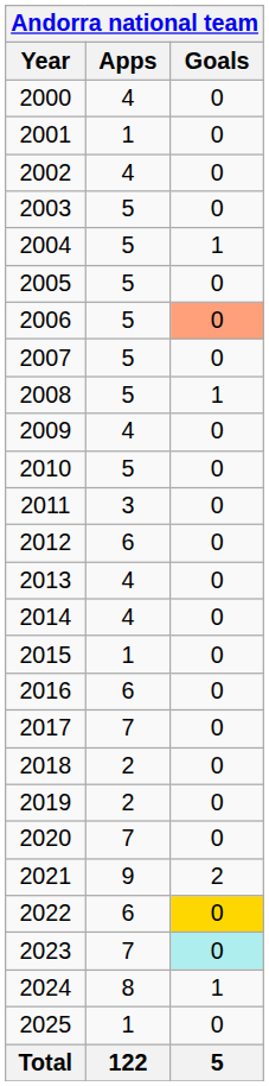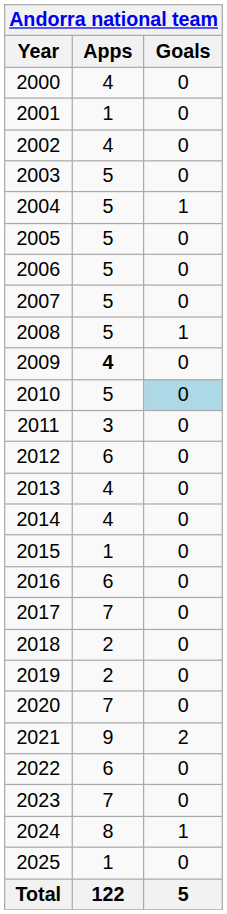 <table class="wikitable" style="text-align:center">
 <tr>
 <th colspan=3><a href='#'>Andorra national team</a></th>
 </tr>
 <tr>
 <th>Year</th>
 <th>Apps</th>
 <th>Goals</th>
 </tr>
 <tr>
 <td>2000</td>
 <td>4</td>
 <td>0</td>
 </tr>
 <tr>
 <td>2001</td>
 <td>1</td>
 <td>0</td>
 </tr>
 <tr>
 <td>2002</td>
 <td>4</td>
 <td>0</td>
 </tr>
 <tr>
 <td>2003</td>
 <td>5</td>
 <td>0</td>
 </tr>
 <tr>
 <td>2004</td>
 <td>5</td>
 <td>1</td>
 </tr>
 <tr>
 <td>2005</td>
 <td>5</td>
 <td>0</td>
 </tr>
 <tr>
 <td>2006</td>
 <td>5</td>
-<td style="background: lightsalmon;">0</td>
+<td>0</td>
 </tr>
 <tr>
 <td>2007</td>
 <td>5</td>
 <td>0</td>
 </tr>
 <tr>
 <td>2008</td>
 <td>5</td>
 <td>1</td>
 </tr>
 <tr>
 <td>2009</td>
-<td>4</td>
+<td><strong>4</strong></td>
 <td>0</td>
 </tr>
 <tr>
 <td>2010</td>
 <td>5</td>
-<td>0</td>
+<td style="background: lightblue;">0</td>
 </tr>
 <tr>
 <td>2011</td>
 <td>3</td>
 <td>0</td>
 </tr>
 <tr>
 <td>2012</td>
 <td>6</td>
 <td>0</td>
 </tr>
 <tr>
 <td>2013</td>
 <td>4</td>
 <td>0</td>
 </tr>
 <tr>
 <td>2014</td>
 <td>4</td>
 <td>0</td>
 </tr>
 <tr>
 <td>2015</td>
 <td>1</td>
 <td>0</td>
 </tr>
 <tr>
 <td>2016</td>
 <td>6</td>
 <td>0</td>
 </tr>
 <tr>
 <td>2017</td>
 <td>7</td>
 <td>0</td>
 </tr>
 <tr>
 <td>2018</td>
 <td>2</td>
 <td>0</td>
 </tr>
 <tr>
 <td>2019</td>
 <td>2</td>
 <td>0</td>
 </tr>
 <tr>
 <td>2020</td>
 <td>7</td>
 <td>0</td>
 </tr>
 <tr>
 <td>2021</td>
 <td>9</td>
 <td>2</td>
 </tr>
 <tr>
 <td>2022</td>
 <td>6</td>
-<td style="background: gold;">0</td>
+<td>0</td>
 </tr>
 <tr>
 <td>2023</td>
 <td>7</td>
-<td style="background: paleturquoise;">0</td>
+<td>0</td>
 </tr>
 <tr>
 <td>2024</td>
 <td>8</td>
 <td>1</td>
 </tr>
 <tr>
 <td>2025</td>
 <td>1</td>
 <td>0</td>
 </tr>
 <tr>
 <th>Total</th>
 <th>122</th>
 <th>5</th>
 </tr>
 </table>
